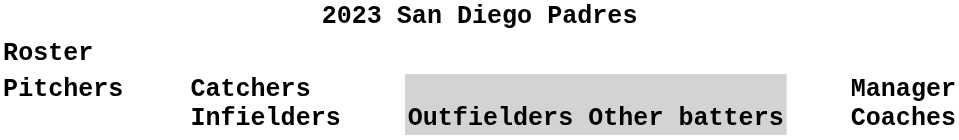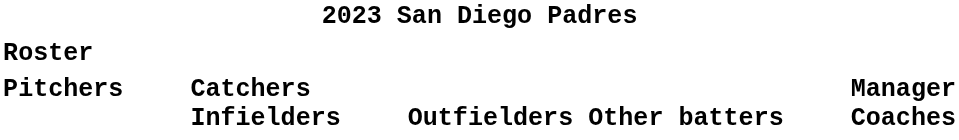 <table class="toccolours" style="font-size: 95%;">
 <tr>
 <th colspan="10">2023 San Diego Padres</th>
 </tr>
 <tr>
 <td colspan="10"><strong>Roster</strong></td>
 </tr>
 <tr>
 <td valign="top"><strong>Pitchers</strong><br>                            </td>
 <td width="25px"></td>
 <td valign="top"><strong>Catchers</strong><br>    <strong>Infielders</strong>             </td>
 <td width="25px"></td>
-<td valign="top" style="background: lightgrey;"><br><strong>Outfielders</strong>          <strong>Other batters</strong> </td>
+<td valign="top"><br><strong>Outfielders</strong>          <strong>Other batters</strong> </td>
 <td width="25px"></td>
 <td valign="top"><strong>Manager</strong><br> <strong>Coaches</strong>                          </td>
 </tr>
 </table>
